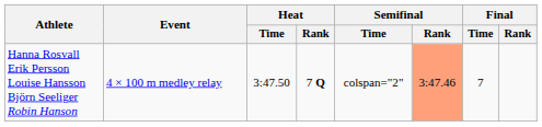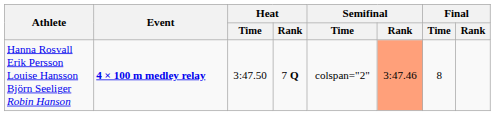 <table class="wikitable" style="text-align:center; font-size:90%; width:50%;">
 <tr>
 <th rowspan="2">Athlete</th>
 <th rowspan="2">Event</th>
 <th colspan="2">Heat</th>
 <th colspan="2">Semifinal</th>
 <th colspan="2">Final</th>
 </tr>
 <tr style="font-size:95%">
 <th>Time</th>
 <th>Rank</th>
 <th>Time</th>
 <th>Rank</th>
 <th>Time</th>
 <th>Rank</th>
 </tr>
 <tr>
 <td align=left><a href='#'>Hanna Rosvall</a> <br><a href='#'>Erik Persson</a> <br><a href='#'>Louise Hansson</a><br><a href='#'>Björn Seeliger</a><br><em><a href='#'>Robin Hanson</a></em></td>
-<td align=left><a href='#'>4 × 100 m medley relay</a></td>
+<td align=left><strong><a href='#'>4 × 100 m medley relay</a></strong></td>
 <td>3:47.50</td>
 <td>7 <strong>Q</strong></td>
 <td>colspan="2" </td>
 <td style="background: lightsalmon;">3:47.46</td>
-<td>7</td>
+<td>8</td>
 </tr>
 </table>
